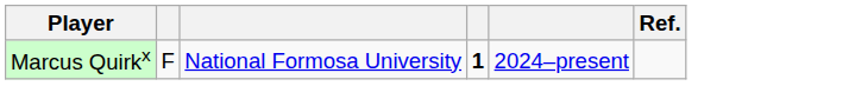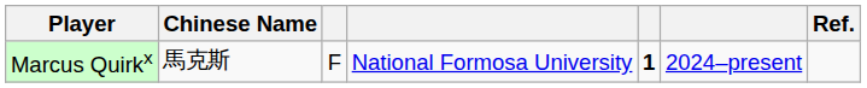 <table class="wikitable sortable" style="font-size:95%; text-align:left;">
 <tr>
 <th>Player</th>
+<th>Chinese Name</th>
 <th></th>
 <th></th>
 <th></th>
 <th></th>
 <th>Ref.</th>
 </tr>
 <tr>
 <td bgcolor="#CCFFCC">Marcus Quirk<sup>x</sup></td>
+<td>馬克斯</td>
 <td align="center">F</td>
 <td><a href='#'>National Formosa University</a></td>
 <td align="center"><strong>1</strong></td>
 <td align="center"><a href='#'>2024–present</a></td>
 <td></td>
 </tr>
 </table>
